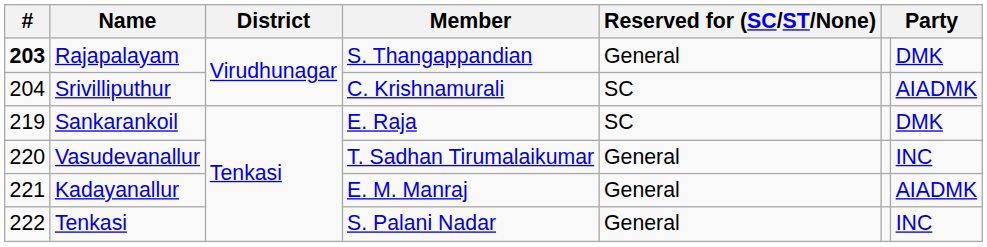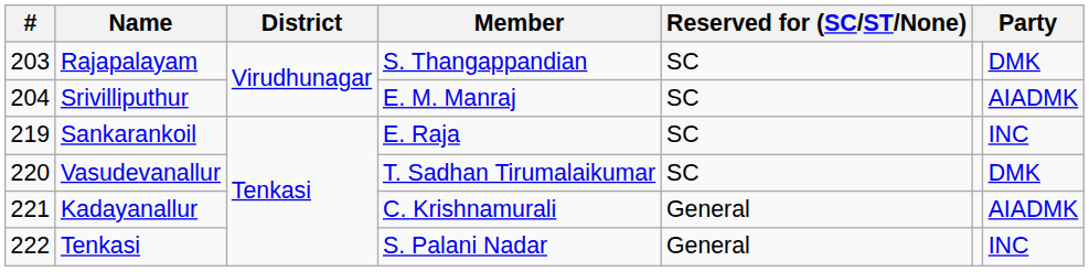 <table class="wikitable sortable">
 <tr>
 <th>#</th>
 <th>Name</th>
 <th>District</th>
 <th>Member</th>
 <th>Reserved for (<a href='#'>SC</a>/<a href='#'>ST</a>/None)</th>
 <th colspan="2">Party</th>
 </tr>
 <tr>
-<td><strong>203</strong></td>
+<td>203</td>
 <td><a href='#'>Rajapalayam</a></td>
 <td rowspan="2"><a href='#'>Virudhunagar</a></td>
 <td><a href='#'>S. Thangappandian</a></td>
-<td>General</td>
+<td>SC</td>
 <td style="background-color: "></td>
 <td><a href='#'>DMK</a></td>
 </tr>
 <tr>
 <td>204</td>
 <td><a href='#'>Srivilliputhur</a></td>
-<td><a href='#'>C. Krishnamurali</a></td>
+<td><a href='#'>E. M. Manraj</a></td>
 <td>SC</td>
 <td style="background-color: "></td>
 <td><a href='#'>AIADMK</a></td>
 </tr>
 <tr>
 <td>219</td>
 <td><a href='#'>Sankarankoil</a></td>
 <td rowspan="4"><a href='#'>Tenkasi</a></td>
 <td><a href='#'>E. Raja</a></td>
 <td>SC</td>
 <td style="background-color: "></td>
-<td><a href='#'>DMK</a></td>
+<td><a href='#'>INC</a></td>
 </tr>
 <tr>
 <td>220</td>
 <td><a href='#'>Vasudevanallur</a></td>
 <td><a href='#'>T. Sadhan Tirumalaikumar</a></td>
-<td>General</td>
+<td>SC</td>
 <td style="background-color: "></td>
-<td><a href='#'>INC</a></td>
+<td><a href='#'>DMK</a></td>
 </tr>
 <tr>
 <td>221</td>
 <td><a href='#'>Kadayanallur</a></td>
-<td><a href='#'>E. M. Manraj</a></td>
+<td><a href='#'>C. Krishnamurali</a></td>
 <td>General</td>
 <td style="background-color: "></td>
 <td><a href='#'>AIADMK</a></td>
 </tr>
 <tr>
 <td>222</td>
 <td><a href='#'>Tenkasi</a></td>
 <td><a href='#'>S. Palani Nadar</a></td>
 <td>General</td>
 <td style="background-color: "></td>
 <td><a href='#'>INC</a></td>
 </tr>
 </table>
